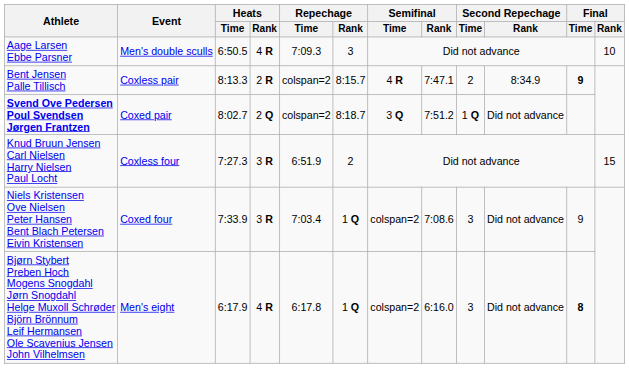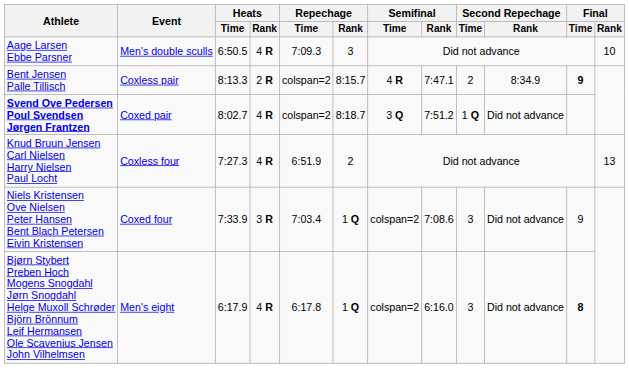 <table class="wikitable" style="font-size:90%">
 <tr>
 <th rowspan="2">Athlete</th>
 <th rowspan="2">Event</th>
 <th colspan="2">Heats</th>
 <th colspan="2">Repechage</th>
 <th colspan="2">Semifinal</th>
 <th colspan="2">Second Repechage</th>
 <th colspan="2">Final</th>
 </tr>
 <tr style="font-size:95%">
 <th>Time</th>
 <th>Rank</th>
 <th>Time</th>
 <th>Rank</th>
 <th>Time</th>
 <th>Rank</th>
 <th>Time</th>
 <th>Rank</th>
 <th>Time</th>
 <th>Rank</th>
 </tr>
 <tr align=center>
 <td align=left><a href='#'>Aage Larsen</a><br><a href='#'>Ebbe Parsner</a></td>
 <td align=left><a href='#'>Men's double sculls</a></td>
 <td>6:50.5</td>
 <td>4 <strong>R</strong></td>
 <td>7:09.3</td>
 <td>3</td>
 <td colspan=5>Did not advance</td>
 <td>10</td>
 </tr>
 <tr align=center>
 <td align=left><a href='#'>Bent Jensen</a><br><a href='#'>Palle Tillisch</a></td>
 <td align=left><a href='#'>Coxless pair</a></td>
 <td>8:13.3</td>
 <td>2 <strong>R</strong></td>
 <td>colspan=2 </td>
 <td>8:15.7</td>
 <td>4 <strong>R</strong></td>
 <td>7:47.1</td>
 <td>2</td>
 <td>8:34.9</td>
 <td><strong>9</strong></td>
 </tr>
 <tr align=center>
 <td align=left><strong><a href='#'>Svend Ove Pedersen</a><br><a href='#'>Poul Svendsen</a><br><a href='#'>Jørgen Frantzen</a></strong></td>
 <td align=left><a href='#'>Coxed pair</a></td>
 <td>8:02.7</td>
-<td>2 <strong>Q</strong></td>
+<td>4 <strong>R</strong></td>
 <td>colspan=2 </td>
 <td>8:18.7</td>
 <td>3 <strong>Q</strong></td>
 <td>7:51.2</td>
 <td>1 <strong>Q</strong></td>
 <td colspan=1>Did not advance</td>
 <td></td>
 </tr>
 <tr align=center>
 <td align=left><a href='#'>Knud Bruun Jensen</a><br><a href='#'>Carl Nielsen</a><br><a href='#'>Harry Nielsen</a><br><a href='#'>Paul Locht</a></td>
 <td align=left><a href='#'>Coxless four</a></td>
 <td>7:27.3</td>
-<td>3 <strong>R</strong></td>
+<td>4 <strong>R</strong></td>
 <td>6:51.9</td>
 <td>2</td>
 <td colspan=5>Did not advance</td>
-<td>15</td>
+<td>13</td>
 </tr>
 <tr align=center>
 <td align=left><a href='#'>Niels Kristensen</a><br><a href='#'>Ove Nielsen</a><br><a href='#'>Peter Hansen</a><br><a href='#'>Bent Blach Petersen</a><br><a href='#'>Eivin Kristensen</a></td>
 <td align=left><a href='#'>Coxed four</a></td>
 <td>7:33.9</td>
 <td>3 <strong>R</strong></td>
 <td>7:03.4</td>
 <td>1 <strong>Q</strong></td>
 <td>colspan=2 </td>
 <td>7:08.6</td>
 <td>3</td>
 <td colspan=1>Did not advance</td>
 <td>9</td>
 </tr>
 <tr align=center>
 <td align=left><a href='#'>Bjørn Stybert</a><br><a href='#'>Preben Hoch</a><br><a href='#'>Mogens Snogdahl</a><br><a href='#'>Jørn Snogdahl</a><br><a href='#'>Helge Muxoll Schrøder</a><br><a href='#'>Björn Brönnum</a><br><a href='#'>Leif Hermansen</a><br><a href='#'>Ole Scavenius Jensen</a><br><a href='#'>John Vilhelmsen</a></td>
 <td align=left><a href='#'>Men's eight</a></td>
 <td>6:17.9</td>
 <td>4 <strong>R</strong></td>
 <td>6:17.8</td>
 <td>1 <strong>Q</strong></td>
 <td>colspan=2 </td>
 <td>6:16.0</td>
 <td>3</td>
 <td colspan=1>Did not advance</td>
 <td><strong>8</strong></td>
 </tr>
 </table>
